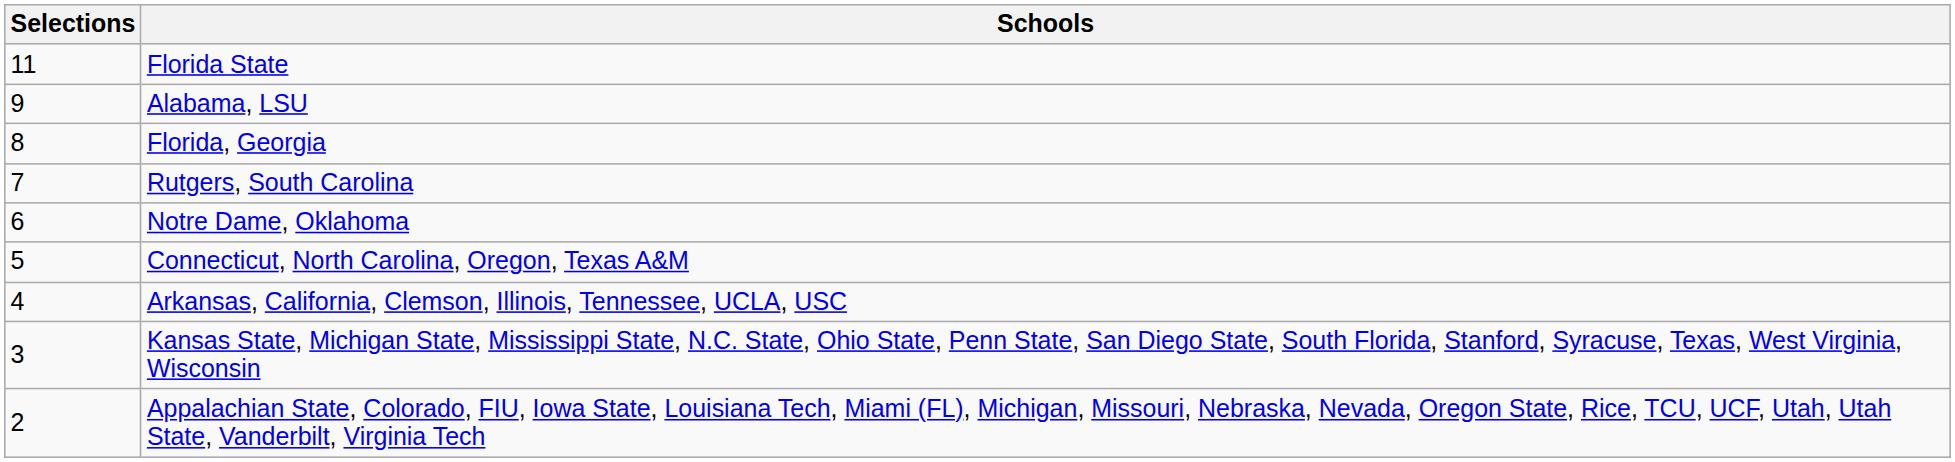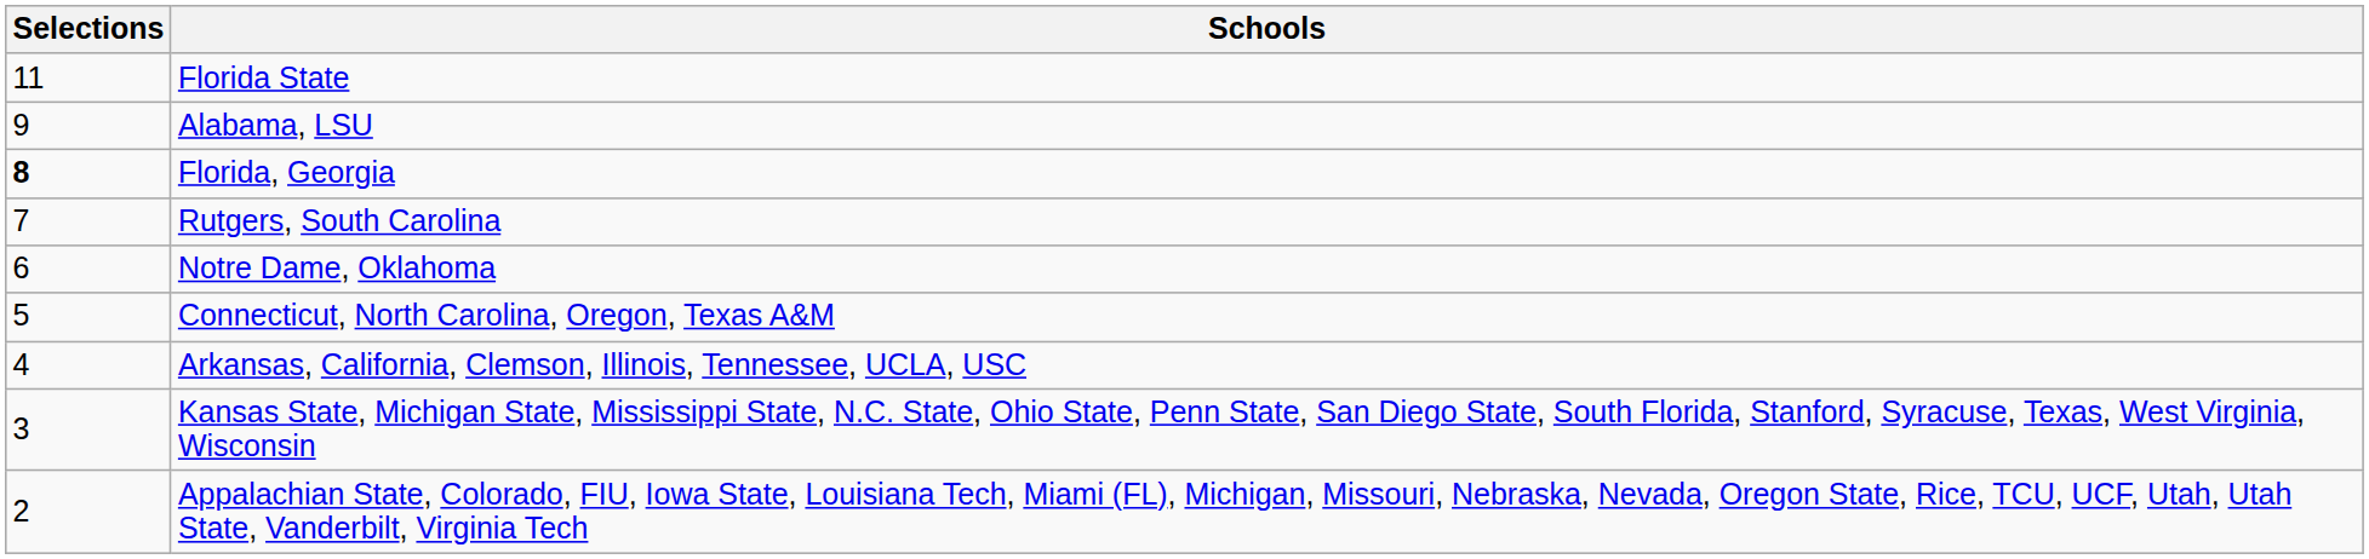 <table class="wikitable sortable" style="text-align:left">
 <tr>
 <th>Selections</th>
 <th class="unsortable">Schools</th>
 </tr>
 <tr>
 <td>11</td>
 <td><a href='#'>Florida State</a></td>
 </tr>
 <tr>
 <td>9</td>
 <td><a href='#'>Alabama</a>, <a href='#'>LSU</a></td>
 </tr>
 <tr>
-<td>8</td>
+<td><strong>8</strong></td>
 <td><a href='#'>Florida</a>, <a href='#'>Georgia</a></td>
 </tr>
 <tr>
 <td>7</td>
 <td><a href='#'>Rutgers</a>, <a href='#'>South Carolina</a></td>
 </tr>
 <tr>
 <td>6</td>
 <td><a href='#'>Notre Dame</a>, <a href='#'>Oklahoma</a></td>
 </tr>
 <tr>
 <td>5</td>
 <td><a href='#'>Connecticut</a>, <a href='#'>North Carolina</a>, <a href='#'>Oregon</a>, <a href='#'>Texas A&M</a></td>
 </tr>
 <tr>
 <td>4</td>
 <td><a href='#'>Arkansas</a>, <a href='#'>California</a>, <a href='#'>Clemson</a>, <a href='#'>Illinois</a>, <a href='#'>Tennessee</a>, <a href='#'>UCLA</a>, <a href='#'>USC</a></td>
 </tr>
 <tr>
 <td>3</td>
 <td><a href='#'>Kansas State</a>, <a href='#'>Michigan State</a>, <a href='#'>Mississippi State</a>, <a href='#'>N.C. State</a>, <a href='#'>Ohio State</a>, <a href='#'>Penn State</a>, <a href='#'>San Diego State</a>, <a href='#'>South Florida</a>, <a href='#'>Stanford</a>, <a href='#'>Syracuse</a>, <a href='#'>Texas</a>, <a href='#'>West Virginia</a>, <a href='#'>Wisconsin</a></td>
 </tr>
 <tr>
 <td>2</td>
 <td><a href='#'>Appalachian State</a>, <a href='#'>Colorado</a>, <a href='#'>FIU</a>, <a href='#'>Iowa State</a>, <a href='#'>Louisiana Tech</a>, <a href='#'>Miami (FL)</a>, <a href='#'>Michigan</a>, <a href='#'>Missouri</a>, <a href='#'>Nebraska</a>, <a href='#'>Nevada</a>, <a href='#'>Oregon State</a>, <a href='#'>Rice</a>, <a href='#'>TCU</a>, <a href='#'>UCF</a>, <a href='#'>Utah</a>, <a href='#'>Utah State</a>, <a href='#'>Vanderbilt</a>, <a href='#'>Virginia Tech</a></td>
 </tr>
 </table>
